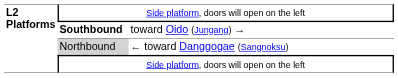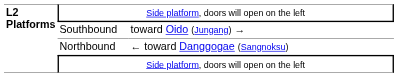 <table table border=0 cellspacing=0 cellpadding=3>
 <tr>
 <td style="border-top:solid 1px gray;border-bottom:solid 1px gray;" width=50 rowspan=10 valign=top><strong>L2<br>Platforms</strong></td>
 <td style="border-top:solid 1px gray;border-right:solid 2px black;border-left:solid 2px black;border-bottom:solid 2px black;text-align:center;" colspan=2><small><a href='#'>Side platform</a>, doors will open on the left</small></td>
 </tr>
 <tr>
-<td><strong>Southbound</strong></td>
+<td>Southbound</td>
 <td>  toward <a href='#'>Oido</a> <small>(<a href='#'>Jungang</a>)</small> →</td>
 </tr>
 <tr>
-<td style="background: lightgrey; border-bottom:solid 0px gray;border-top:solid 1px gray;" width=100>Northbound</td>
+<td style="border-bottom:solid 0px gray;border-top:solid 1px gray;" width=100>Northbound</td>
 <td style="border-bottom:solid 0px gray;border-top:solid 1px gray;" width=390>←  toward <a href='#'>Danggogae</a> <small>(<a href='#'>Sangnoksu</a>)</small></td>
 </tr>
 <tr>
 <td style="border-top:solid 2px black;border-right:solid 2px black;border-left:solid 2px black;border-bottom:solid 1px gray;text-align:center;" colspan=2><small><a href='#'>Side platform</a>, doors will open on the left</small></td>
 </tr>
 </table>
